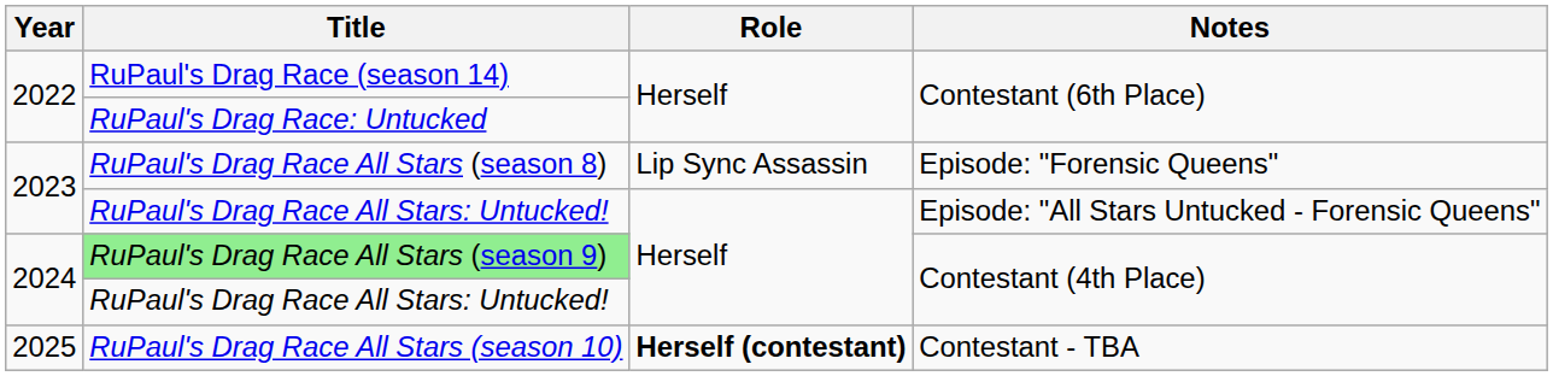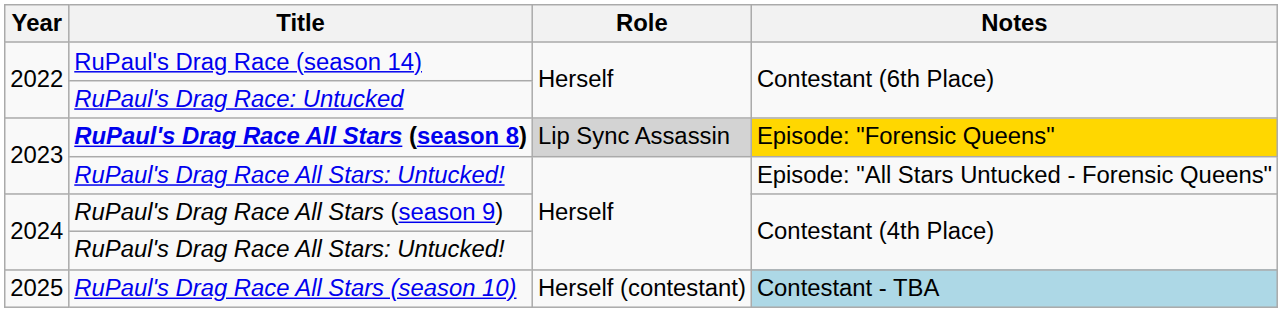 <table class="wikitable plainrowheaders sortable">
 <tr>
 <th scope="col">Year</th>
 <th scope="col">Title</th>
 <th scope="col">Role</th>
 <th scope="col">Notes</th>
 </tr>
 <tr>
 <td rowspan="2">2022</td>
 <td><a href='#'>RuPaul's Drag Race (season 14)</a></td>
 <td rowspan="2">Herself</td>
 <td rowspan="2">Contestant (6th Place)</td>
 </tr>
 <tr>
 <td><em><a href='#'>RuPaul's Drag Race: Untucked</a></em></td>
 </tr>
 <tr>
 <td rowspan="2">2023</td>
-<td><em><a href='#'>RuPaul's Drag Race All Stars</a></em> (<a href='#'>season 8</a>)</td>
-<td>Lip Sync Assassin</td>
-<td>Episode: "Forensic Queens"</td>
+<td><strong><em><a href='#'>RuPaul's Drag Race All Stars</a></em> (<a href='#'>season 8</a>)</strong></td>
+<td style="background: lightgrey;">Lip Sync Assassin</td>
+<td style="background: gold;">Episode: "Forensic Queens"</td>
 </tr>
 <tr>
 <td><em><a href='#'>RuPaul's Drag Race All Stars: Untucked!</a></em></td>
 <td rowspan="3">Herself</td>
 <td>Episode: "All Stars Untucked - Forensic Queens"</td>
 </tr>
 <tr>
 <td rowspan="2">2024</td>
-<td style="background: lightgreen;"><em>RuPaul's Drag Race All Stars</em> (<a href='#'>season 9</a>)</td>
+<td><em>RuPaul's Drag Race All Stars</em> (<a href='#'>season 9</a>)</td>
 <td rowspan="2">Contestant (4th Place)</td>
 </tr>
 <tr>
 <td><em>RuPaul's Drag Race All Stars: Untucked!</em></td>
 </tr>
 <tr>
 <td>2025</td>
 <td><em><a href='#'>RuPaul's Drag Race All Stars (season 10)</a></em></td>
-<td><strong>Herself (contestant)</strong></td>
-<td>Contestant - TBA</td>
+<td>Herself (contestant)</td>
+<td style="background: lightblue;">Contestant - TBA</td>
 </tr>
 </table>
